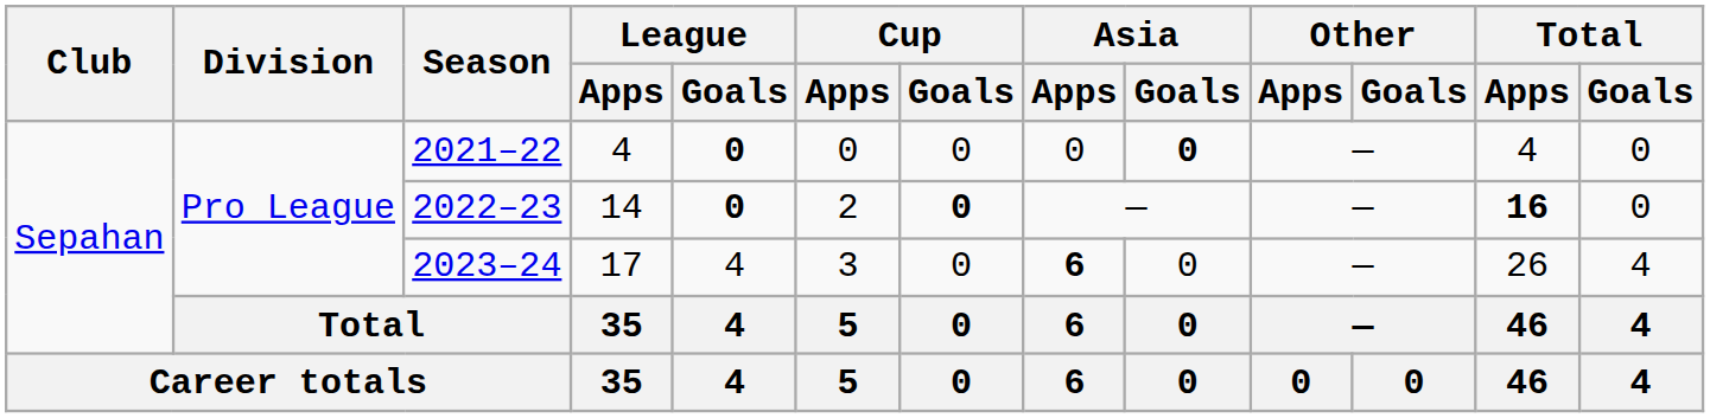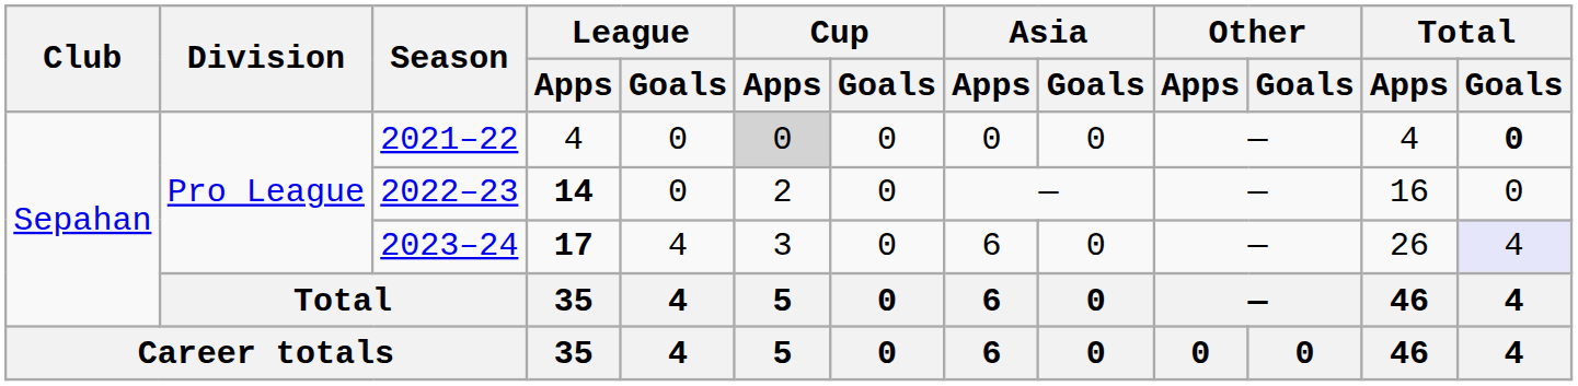 <table class="wikitable" style="text-align: center;">
 <tr>
 <th rowspan="2">Club</th>
 <th rowspan="2">Division</th>
 <th rowspan="2">Season</th>
 <th colspan="2">League</th>
 <th colspan="2">Cup</th>
 <th colspan="2">Asia</th>
 <th colspan="2">Other</th>
 <th colspan="2">Total</th>
 </tr>
 <tr>
 <th>Apps</th>
 <th>Goals</th>
 <th>Apps</th>
 <th>Goals</th>
 <th>Apps</th>
 <th>Goals</th>
 <th>Apps</th>
 <th>Goals</th>
 <th>Apps</th>
 <th>Goals</th>
 </tr>
 <tr>
 <td rowspan="4"><a href='#'>Sepahan</a></td>
 <td rowspan="3"><a href='#'>Pro League</a></td>
 <td><a href='#'>2021–22</a></td>
 <td>4</td>
-<td><strong>0</strong></td>
+<td>0</td>
+<td style="background: lightgrey;">0</td>
 <td>0</td>
 <td>0</td>
 <td>0</td>
-<td><strong>0</strong></td>
 <td colspan="2">—</td>
 <td>4</td>
-<td>0</td>
+<td><strong>0</strong></td>
 </tr>
 <tr>
 <td><a href='#'>2022–23</a></td>
-<td>14</td>
-<td><strong>0</strong></td>
+<td><strong>14</strong></td>
+<td>0</td>
 <td>2</td>
-<td><strong>0</strong></td>
+<td>0</td>
 <td colspan="2">—</td>
 <td colspan="2">—</td>
-<td><strong>16</strong></td>
+<td>16</td>
 <td>0</td>
 </tr>
 <tr>
 <td><a href='#'>2023–24</a></td>
-<td>17</td>
+<td><strong>17</strong></td>
 <td>4</td>
 <td>3</td>
 <td>0</td>
-<td><strong>6</strong></td>
+<td>6</td>
 <td>0</td>
 <td colspan="2">—</td>
 <td>26</td>
-<td>4</td>
+<td style="background: lavender;">4</td>
 </tr>
 <tr>
 <th colspan="2">Total</th>
 <th>35</th>
 <th>4</th>
 <th>5</th>
 <th>0</th>
 <th>6</th>
 <th>0</th>
 <th colspan="2">—</th>
 <th>46</th>
 <th>4</th>
 </tr>
 <tr>
 <th colspan="3">Career totals</th>
 <th>35</th>
 <th>4</th>
 <th>5</th>
 <th>0</th>
 <th>6</th>
 <th>0</th>
 <th>0</th>
 <th>0</th>
 <th>46</th>
 <th>4</th>
 </tr>
 </table>
